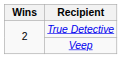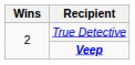 <table class="wikitable sortable" rowspan="2" style="text-align:center;" background: #f6e39c;>
 <tr>
 <th scope="col" style="width:55px;">Wins</th>
 <th scope="col" style="text-align:center;">Recipient</th>
 </tr>
 <tr>
 <td rowspan=2 style="text-align:center">2</td>
 <td><em><a href='#'>True Detective</a></em></td>
 </tr>
 <tr>
-<td><em><a href='#'>Veep</a></em></td>
+<td><strong><em><a href='#'>Veep</a></em></strong></td>
 </tr>
 </table>
